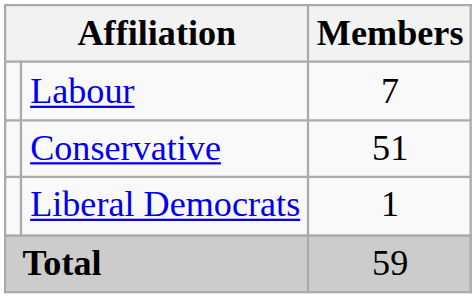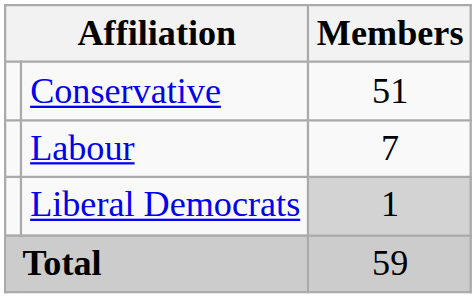 <table class="wikitable">
 <tr>
 <th colspan="2">Affiliation</th>
 <th>Members</th>
+</tr>
+<tr>
+<td style="color:inherit;background:"></td>
+<td><a href='#'>Conservative</a></td>
+<td style="text-align:center;">51</td>
 </tr>
 <tr>
 <td style="color:inherit;background:"></td>
 <td><a href='#'>Labour</a></td>
 <td style="text-align:center;">7</td>
 </tr>
 <tr>
 <td style="color:inherit;background:"></td>
-<td><a href='#'>Conservative</a></td>
-<td style="text-align:center;">51</td>
-</tr>
-<tr>
-<td style="color:inherit;background:"></td>
 <td><a href='#'>Liberal Democrats</a></td>
-<td style="text-align:center;">1</td>
+<td style="background: lightgrey; text-align:center;">1</td>
 </tr>
 <tr style="background:#ccc;">
 <td colspan="2"> <strong>Total</strong></td>
 <td style="text-align:center;">59</td>
 </tr>
 </table>
